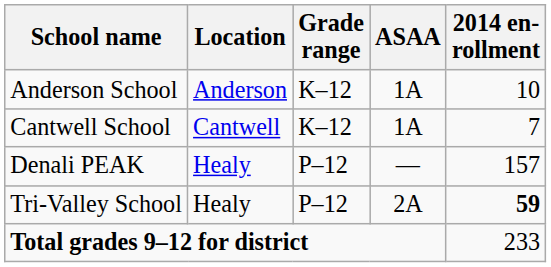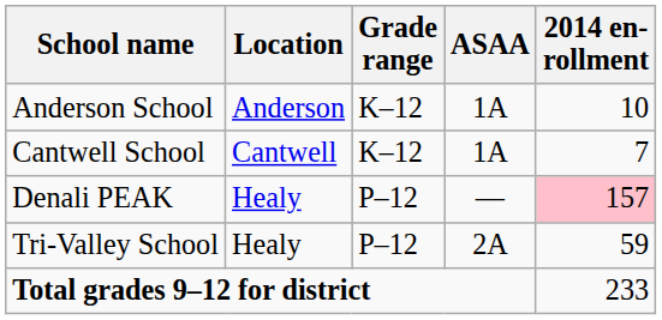 <table class="wikitable">
 <tr>
 <th>School name</th>
 <th>Location</th>
 <th>Grade<br>range</th>
 <th>ASAA</th>
 <th>2014 en-<br>rollment</th>
 </tr>
 <tr>
 <td>Anderson School</td>
 <td><a href='#'>Anderson</a></td>
 <td>K–12</td>
 <td align="center">1A</td>
 <td align="right">10</td>
 </tr>
 <tr>
 <td>Cantwell School</td>
 <td><a href='#'>Cantwell</a></td>
 <td>K–12</td>
 <td align="center">1A</td>
 <td align="right">7</td>
 </tr>
 <tr>
 <td>Denali PEAK</td>
 <td><a href='#'>Healy</a></td>
 <td>P–12</td>
 <td align="center">—</td>
-<td align="right">157</td>
+<td align="right" style="background: pink;">157</td>
 </tr>
 <tr>
 <td>Tri-Valley School</td>
 <td>Healy</td>
 <td>P–12</td>
 <td align="center">2A</td>
-<td align="right"><strong>59</strong></td>
+<td align="right">59</td>
 </tr>
 <tr>
 <td colspan="4"><strong>Total grades 9–12 for district</strong></td>
 <td align="right">233</td>
 </tr>
 </table>
